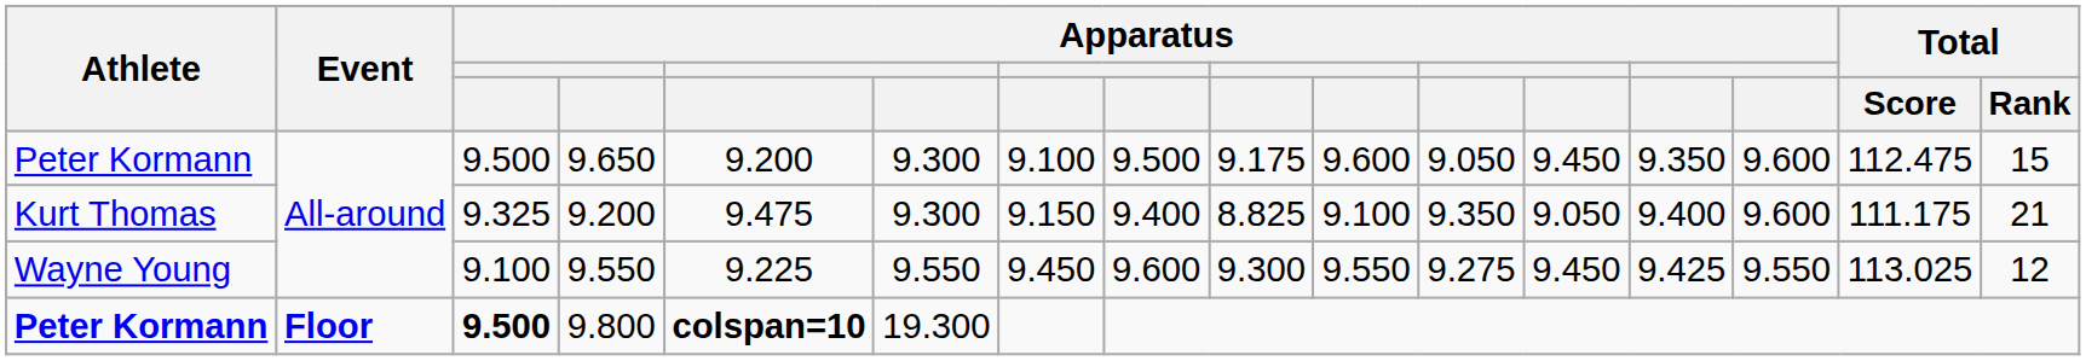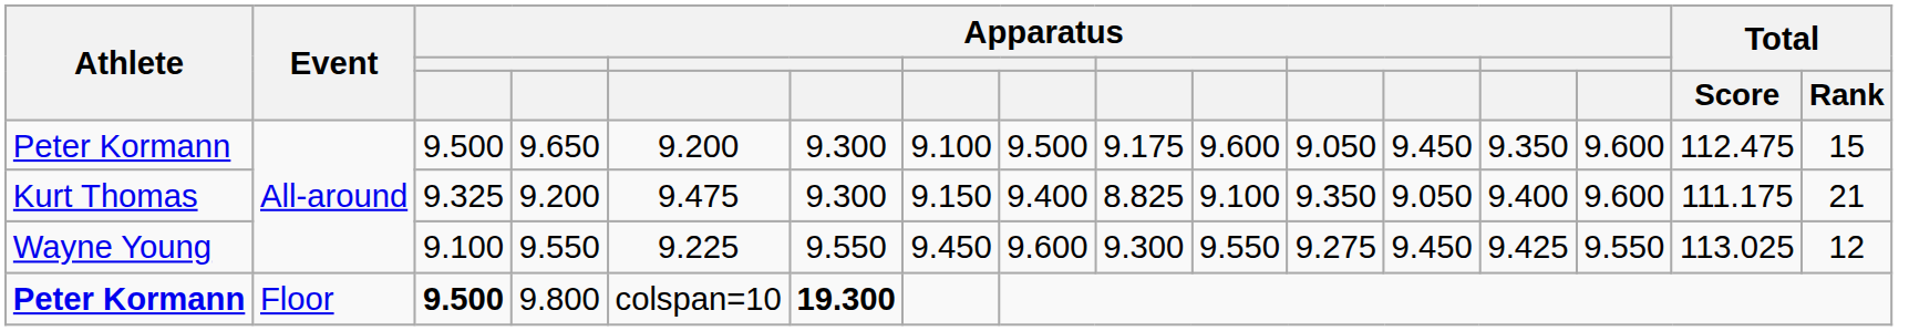 <table class=wikitable style=font-size:90%;text-align:center>
 <tr>
 <th rowspan=3>Athlete</th>
 <th rowspan=3>Event</th>
 <th colspan=12>Apparatus</th>
 <th colspan=2 rowspan=2>Total</th>
 </tr>
 <tr style=font-size:95%>
 <th colspan=2></th>
 <th colspan=2></th>
 <th colspan=2></th>
 <th colspan=2></th>
 <th colspan=2></th>
 <th colspan=2></th>
 </tr>
 <tr style=font-size:95%>
 <th></th>
 <th></th>
 <th></th>
 <th></th>
 <th></th>
 <th></th>
 <th></th>
 <th></th>
 <th></th>
 <th></th>
 <th></th>
 <th></th>
 <th>Score</th>
 <th>Rank</th>
 </tr>
 <tr>
 <td align=left><a href='#'>Peter Kormann</a></td>
 <td align=left rowspan=3><a href='#'>All-around</a></td>
 <td>9.500</td>
 <td>9.650</td>
 <td>9.200</td>
 <td>9.300</td>
 <td>9.100</td>
 <td>9.500</td>
 <td>9.175</td>
 <td>9.600</td>
 <td>9.050</td>
 <td>9.450</td>
 <td>9.350</td>
 <td>9.600</td>
 <td>112.475</td>
 <td>15</td>
 </tr>
 <tr>
 <td align=left><a href='#'>Kurt Thomas</a></td>
 <td>9.325</td>
 <td>9.200</td>
 <td>9.475</td>
 <td>9.300</td>
 <td>9.150</td>
 <td>9.400</td>
 <td>8.825</td>
 <td>9.100</td>
 <td>9.350</td>
 <td>9.050</td>
 <td>9.400</td>
 <td>9.600</td>
 <td>111.175</td>
 <td>21</td>
 </tr>
 <tr>
 <td align=left><a href='#'>Wayne Young</a></td>
 <td>9.100</td>
 <td>9.550</td>
 <td>9.225</td>
 <td>9.550</td>
 <td>9.450</td>
 <td>9.600</td>
 <td>9.300</td>
 <td>9.550</td>
 <td>9.275</td>
 <td>9.450</td>
 <td>9.425</td>
 <td>9.550</td>
 <td>113.025</td>
 <td>12</td>
 </tr>
 <tr>
 <td align=left><strong><a href='#'>Peter Kormann</a></strong></td>
-<td align=left><strong><a href='#'>Floor</a></strong></td>
+<td align=left><a href='#'>Floor</a></td>
 <td><strong>9.500</strong></td>
 <td>9.800</td>
-<td><strong>colspan=10 </strong></td>
-<td>19.300</td>
+<td>colspan=10 </td>
+<td><strong>19.300</strong></td>
 <td></td>
 </tr>
 </table>
